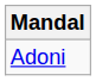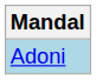 <table class="wikitable sortable static-row-numbers static-row-header-hash">
 <tr>
 <th>Mandal</th>
 </tr>
 <tr>
-<td><a href='#'>Adoni</a></td>
+<td style="background: lightblue;"><a href='#'>Adoni</a></td>
 </tr>
 </table>
